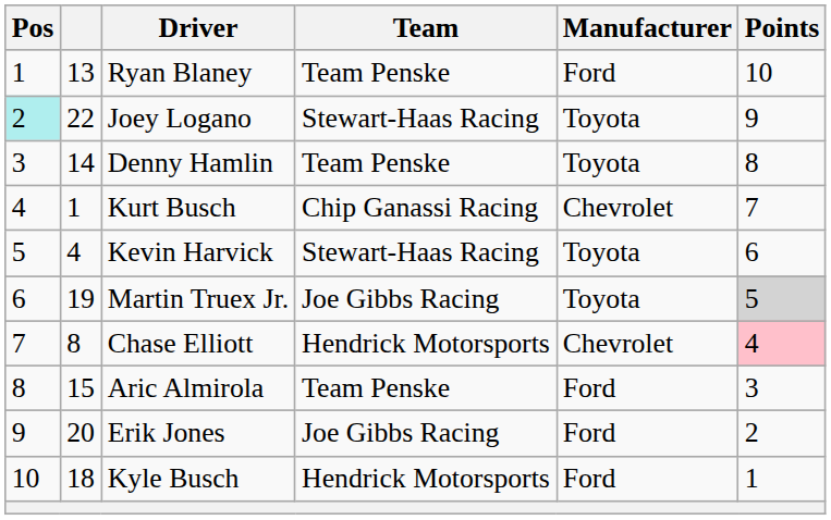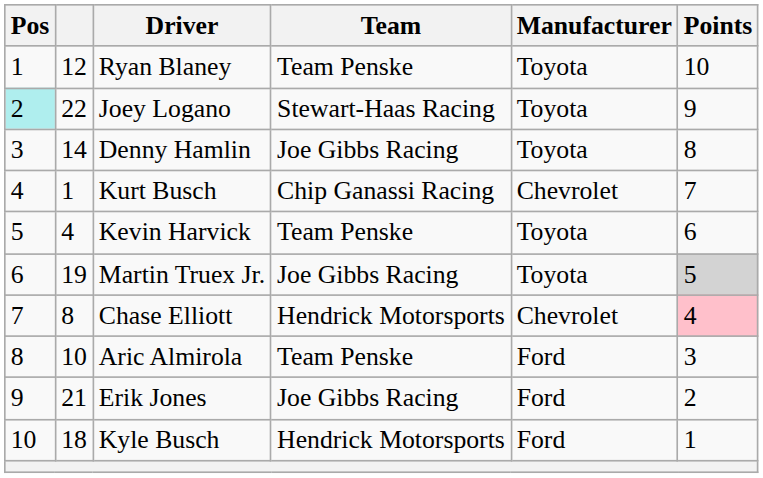 <table class="wikitable" style="font-size:98%">
 <tr>
 <th>Pos</th>
 <th></th>
 <th>Driver</th>
 <th>Team</th>
 <th>Manufacturer</th>
 <th>Points</th>
 </tr>
 <tr>
 <td>1</td>
-<td>13</td>
+<td>12</td>
 <td>Ryan Blaney</td>
 <td>Team Penske</td>
-<td>Ford</td>
+<td>Toyota</td>
 <td>10</td>
 </tr>
 <tr>
 <td style="background: paleturquoise;">2</td>
 <td>22</td>
 <td>Joey Logano</td>
 <td>Stewart-Haas Racing</td>
 <td>Toyota</td>
 <td>9</td>
 </tr>
 <tr>
 <td>3</td>
 <td>14</td>
 <td>Denny Hamlin</td>
-<td>Team Penske</td>
+<td>Joe Gibbs Racing</td>
 <td>Toyota</td>
 <td>8</td>
 </tr>
 <tr>
 <td>4</td>
 <td>1</td>
 <td>Kurt Busch</td>
 <td>Chip Ganassi Racing</td>
 <td>Chevrolet</td>
 <td>7</td>
 </tr>
 <tr>
 <td>5</td>
 <td>4</td>
 <td>Kevin Harvick</td>
-<td>Stewart-Haas Racing</td>
+<td>Team Penske</td>
 <td>Toyota</td>
 <td>6</td>
 </tr>
 <tr>
 <td>6</td>
 <td>19</td>
 <td>Martin Truex Jr.</td>
 <td>Joe Gibbs Racing</td>
 <td>Toyota</td>
 <td style="background: lightgrey;">5</td>
 </tr>
 <tr>
 <td>7</td>
 <td>8</td>
 <td>Chase Elliott</td>
 <td>Hendrick Motorsports</td>
 <td>Chevrolet</td>
 <td style="background: pink;">4</td>
 </tr>
 <tr>
 <td>8</td>
-<td>15</td>
+<td>10</td>
 <td>Aric Almirola</td>
 <td>Team Penske</td>
 <td>Ford</td>
 <td>3</td>
 </tr>
 <tr>
 <td>9</td>
-<td>20</td>
+<td>21</td>
 <td>Erik Jones</td>
 <td>Joe Gibbs Racing</td>
 <td>Ford</td>
 <td>2</td>
 </tr>
 <tr>
 <td>10</td>
 <td>18</td>
 <td>Kyle Busch</td>
 <td>Hendrick Motorsports</td>
 <td>Ford</td>
 <td>1</td>
 </tr>
 <tr>
 <th colspan="6"></th>
 </tr>
 </table>
